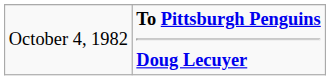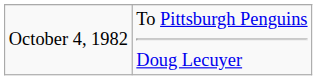 <table class="wikitable">
 <tr>
 </tr>
 <tr>
 <td>October 4, 1982</td>
-<td valign="top"><strong>To <a href='#'>Pittsburgh Penguins</a><hr><a href='#'>Doug Lecuyer</a></strong></td>
+<td valign="top">To <a href='#'>Pittsburgh Penguins</a><hr><a href='#'>Doug Lecuyer</a></td>
 </tr>
 </table>
